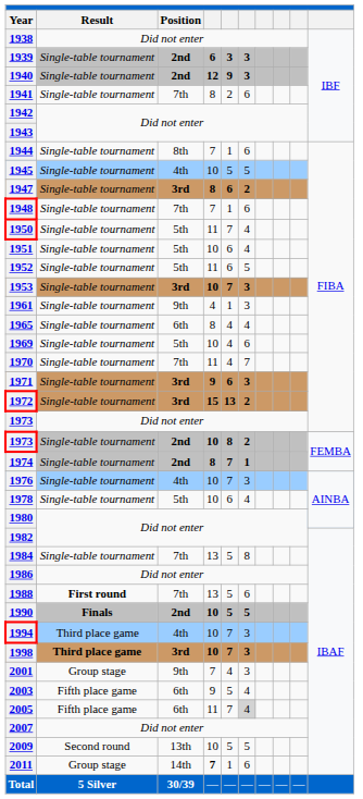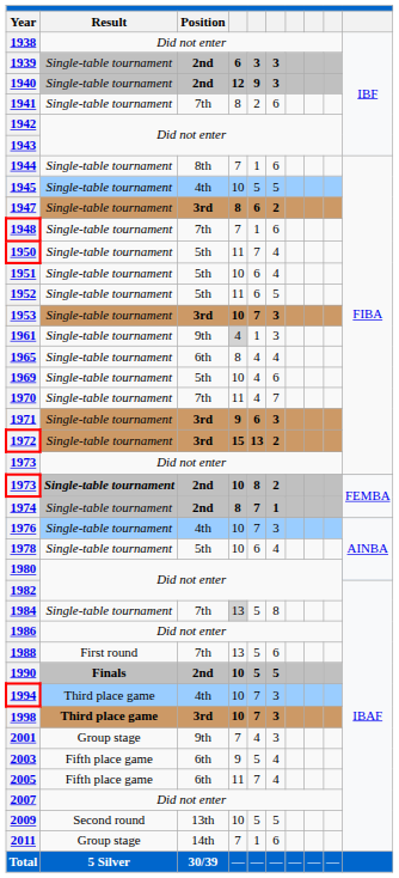 <table class="wikitable" style="text-align: center;">
 <tr>
 <th style="background:#06C"  colspan="10"><a href='#'></a> </th>
 </tr>
 <tr>
 <th scope="col">Year</th>
 <th scope="col">Result</th>
 <th scope="col">Position</th>
 <th scope="col"></th>
 <th scope="col"></th>
 <th scope="col"></th>
 <th scope="col"></th>
 <th scope="col"></th>
 <th scope="col"></th>
 <th scope="col"></th>
 </tr>
 <tr>
 <th> <a href='#'>1938</a></th>
 <td colspan=8><em>Did not enter</em></td>
 <td style="background:#F8F9FA" rowspan=6><a href='#'>IBF</a></td>
 </tr>
 <tr style="background:silver">
 <th> <a href='#'>1939</a></th>
 <td><em>Single-table tournament</em></td>
 <td> <strong>2nd</strong></td>
 <td><strong>6</strong></td>
 <td><strong>3</strong></td>
 <td><strong>3</strong></td>
 <td><strong></strong></td>
 <td></td>
 <td></td>
 </tr>
 <tr style="background:silver;">
 <th> <a href='#'>1940</a></th>
 <td><em>Single-table tournament</em></td>
 <td> <strong>2nd</strong></td>
 <td><strong>12</strong></td>
 <td><strong>9</strong></td>
 <td><strong>3</strong></td>
 <td><strong></strong></td>
 <td></td>
 <td></td>
 </tr>
 <tr>
 <th> <a href='#'>1941</a></th>
 <td><em>Single-table tournament</em></td>
 <td>7th</td>
 <td>8</td>
 <td>2</td>
 <td>6</td>
 <td></td>
 <td></td>
 <td></td>
 </tr>
 <tr>
 <th> <a href='#'>1942</a></th>
 <td rowspan="2" colspan="8"><em>Did not enter</em></td>
 </tr>
 <tr>
 <th> <a href='#'>1943</a></th>
 </tr>
 <tr>
 <th> <a href='#'>1944</a></th>
 <td><em>Single-table tournament</em></td>
 <td>8th</td>
 <td>7</td>
 <td>1</td>
 <td>6</td>
 <td></td>
 <td></td>
 <td></td>
 <td rowspan=15><a href='#'>FIBA</a></td>
 </tr>
 <tr bgcolor=#9acdff>
 <th> <a href='#'>1945</a></th>
 <td><em>Single-table tournament</em></td>
 <td>4th</td>
 <td>10</td>
 <td>5</td>
 <td>5</td>
 <td></td>
 <td></td>
 <td></td>
 </tr>
 <tr style="background:#cc9966">
 <th> <a href='#'>1947</a></th>
 <td><em>Single-table tournament</em></td>
 <td><strong>  3rd</strong></td>
 <td><strong>8</strong></td>
 <td><strong>6</strong></td>
 <td><strong>2</strong></td>
 <td><strong></strong></td>
 <td></td>
 <td></td>
 </tr>
 <tr>
 <th style="border: 3px solid red"> <a href='#'>1948</a></th>
 <td><em>Single-table tournament</em></td>
 <td>7th</td>
 <td>7</td>
 <td>1</td>
 <td>6</td>
 <td></td>
 <td></td>
 <td></td>
 </tr>
 <tr>
 <th style="border: 3px solid red"> <a href='#'>1950</a></th>
 <td><em>Single-table tournament</em></td>
 <td>5th</td>
 <td>11</td>
 <td>7</td>
 <td>4</td>
 <td></td>
 <td></td>
 <td></td>
 </tr>
 <tr>
 <th> <a href='#'>1951</a></th>
 <td><em>Single-table tournament</em></td>
 <td>5th</td>
 <td>10</td>
 <td>6</td>
 <td>4</td>
 <td></td>
 <td></td>
 <td></td>
 </tr>
 <tr>
 <th> <a href='#'>1952</a></th>
 <td><em>Single-table tournament</em></td>
 <td>5th</td>
 <td>11</td>
 <td>6</td>
 <td>5</td>
 <td></td>
 <td></td>
 <td></td>
 </tr>
 <tr style="background:#cc9966">
 <th> <a href='#'>1953</a></th>
 <td><em>Single-table tournament</em></td>
 <td><strong>  3rd</strong></td>
 <td><strong>10</strong></td>
 <td><strong>7</strong></td>
 <td><strong>3</strong></td>
 <td><strong></strong></td>
 <td></td>
 <td></td>
 </tr>
 <tr>
 <th> <a href='#'>1961</a></th>
 <td><em>Single-table tournament</em></td>
 <td>9th</td>
-<td>4</td>
+<td style="background: lightgrey;">4</td>
 <td>1</td>
 <td>3</td>
 <td></td>
 <td></td>
 <td></td>
 </tr>
 <tr>
 <th> <a href='#'>1965</a></th>
 <td><em>Single-table tournament</em></td>
 <td>6th</td>
 <td>8</td>
 <td>4</td>
 <td>4</td>
 <td></td>
 <td></td>
 <td></td>
 </tr>
 <tr>
 <th> <a href='#'>1969</a></th>
 <td><em>Single-table tournament</em></td>
 <td>5th</td>
 <td>10</td>
 <td>4</td>
 <td>6</td>
 <td></td>
 <td></td>
 <td></td>
 </tr>
 <tr>
 <th> <a href='#'>1970</a></th>
 <td><em>Single-table tournament</em></td>
 <td>7th</td>
 <td>11</td>
 <td>4</td>
 <td>7</td>
 <td></td>
 <td></td>
 <td></td>
 </tr>
 <tr style="background:#cc9966">
 <th> <a href='#'>1971</a></th>
 <td><em>Single-table tournament</em></td>
 <td><strong> 3rd</strong></td>
 <td><strong>9</strong></td>
 <td><strong>6</strong></td>
 <td><strong>3</strong></td>
 <td><strong></strong></td>
 <td></td>
 <td></td>
 </tr>
 <tr style="background:#cc9966">
 <th style="border: 3px solid red"> <a href='#'>1972</a></th>
 <td><em>Single-table tournament</em></td>
 <td><strong> 3rd</strong></td>
 <td><strong>15</strong></td>
 <td><strong>13</strong></td>
 <td><strong>2</strong></td>
 <td><strong></strong></td>
 <td></td>
 <td></td>
 </tr>
 <tr>
 <th> <a href='#'>1973</a></th>
 <td colspan=8><em>Did not enter</em></td>
 </tr>
 <tr style="background:silver">
 <th style="border: 3px solid red"> <a href='#'>1973</a></th>
-<td><em>Single-table tournament</em></td>
+<td><strong><em>Single-table tournament</em></strong></td>
 <td><strong> 2nd</strong></td>
 <td><strong>10</strong></td>
 <td><strong>8</strong></td>
 <td><strong>2</strong></td>
 <td><strong></strong></td>
 <td></td>
 <td></td>
 <td style="background:#F8F9FA" rowspan=2><a href='#'>FEMBA</a></td>
 </tr>
 <tr style="background:silver">
 <th> <a href='#'>1974</a></th>
 <td><em>Single-table tournament</em></td>
 <td><strong> 2nd</strong></td>
 <td><strong>8</strong></td>
 <td><strong>7</strong></td>
 <td><strong>1</strong></td>
 <td><strong></strong></td>
 <td></td>
 <td></td>
 </tr>
 <tr bgcolor=#9acdff>
 <th> <a href='#'>1976</a></th>
 <td><em>Single-table tournament</em></td>
 <td>4th</td>
 <td>10</td>
 <td>7</td>
 <td>3</td>
 <td></td>
 <td></td>
 <td></td>
 <td style="background:#F8F9FA" rowspan=3><a href='#'>AINBA</a></td>
 </tr>
 <tr>
 <th> <a href='#'>1978</a></th>
 <td><em>Single-table tournament</em></td>
 <td>5th</td>
 <td>10</td>
 <td>6</td>
 <td>4</td>
 <td></td>
 <td></td>
 <td></td>
 </tr>
 <tr>
 <th> <a href='#'>1980</a></th>
 <td colspan=8 rowspan=2><em>Did not enter</em></td>
 </tr>
 <tr>
 <th> <a href='#'>1982</a></th>
 <td style="background:#F8F9FA" rowspan=13><a href='#'>IBAF</a></td>
 </tr>
 <tr>
 <th> <a href='#'>1984</a></th>
 <td><em>Single-table tournament</em></td>
 <td>7th</td>
-<td>13</td>
+<td style="background: lightgrey;">13</td>
 <td>5</td>
 <td>8</td>
 <td></td>
 <td></td>
 <td></td>
 </tr>
 <tr>
 <th> <a href='#'>1986</a></th>
 <td colspan=8><em>Did not enter</em></td>
 </tr>
 <tr>
 <th> <a href='#'>1988</a></th>
-<td><strong>First round</strong></td>
+<td>First round</td>
 <td>7th</td>
 <td>13</td>
 <td>5</td>
 <td>6</td>
 <td></td>
 <td></td>
 <td></td>
 </tr>
 <tr style="background:silver">
 <th> <a href='#'>1990</a></th>
 <td><strong>Finals</strong></td>
 <td><strong>2nd</strong></td>
 <td><strong>10</strong></td>
 <td><strong>5</strong></td>
 <td><strong>5</strong></td>
 <td><strong></strong></td>
 <td></td>
 <td></td>
 </tr>
 <tr bgcolor=#9acdff>
 <th style="border: 3px solid red"> <a href='#'>1994</a></th>
 <td>Third place game</td>
 <td>4th</td>
 <td>10</td>
 <td>7</td>
 <td>3</td>
 <td></td>
 <td></td>
 <td></td>
 </tr>
 <tr style="background:#cc9966">
 <th> <a href='#'>1998</a></th>
 <td><strong>Third place game</strong></td>
 <td><strong>3rd</strong></td>
 <td><strong>10</strong></td>
 <td><strong>7</strong></td>
 <td><strong>3</strong></td>
 <td></td>
 <td></td>
 <td></td>
 </tr>
 <tr>
 <th> <a href='#'>2001</a></th>
 <td>Group stage</td>
 <td>9th</td>
 <td>7</td>
 <td>4</td>
 <td>3</td>
 <td></td>
 <td></td>
 <td></td>
 </tr>
 <tr>
 <th> <a href='#'>2003</a></th>
 <td>Fifth place game</td>
 <td>6th</td>
 <td>9</td>
 <td>5</td>
 <td>4</td>
 <td></td>
 <td></td>
 <td></td>
 </tr>
 <tr>
 <th> <a href='#'>2005</a></th>
 <td>Fifth place game</td>
 <td>6th</td>
 <td>11</td>
 <td>7</td>
-<td style="background: lightgrey;">4</td>
+<td>4</td>
 <td></td>
 <td></td>
 <td></td>
 </tr>
 <tr>
 <th> <a href='#'>2007</a></th>
 <td colspan=8><em>Did not enter</em></td>
 </tr>
 <tr>
 <th> <a href='#'>2009</a></th>
 <td>Second round</td>
 <td>13th</td>
 <td>10</td>
 <td>5</td>
 <td>5</td>
 <td></td>
 <td></td>
 <td></td>
 </tr>
 <tr>
 <th> <a href='#'>2011</a></th>
 <td>Group stage</td>
 <td>14th</td>
-<td><strong>7</strong></td>
+<td>7</td>
 <td>1</td>
 <td>6</td>
 <td></td>
 <td></td>
 <td></td>
 </tr>
 <tr>
 <th style="color:white; background:#06C;">Total</th>
 <th style="color:white; background:#06C;">5 Silver</th>
 <th style="color:white; background:#06C;">30/39</th>
 <th style="color:white; background:#06C;">—</th>
 <th style="color:white; background:#06C;">—</th>
 <th style="color:white; background:#06C;">—</th>
 <th style="color:white; background:#06C;">—</th>
 <th style="color:white; background:#06C;">—</th>
 <th style="color:white; background:#06C;">—</th>
 <th style="color:white; background:#06C;"></th>
 </tr>
 </table>
